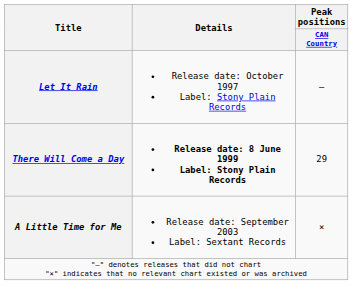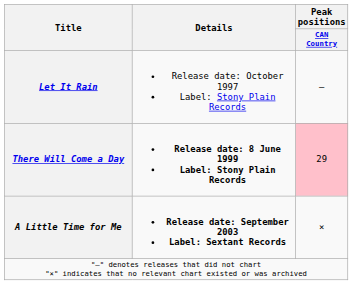 <table class="wikitable plainrowheaders" style="text-align:center;">
 <tr>
 <th rowspan="2" style="width:14em;">Title</th>
 <th rowspan="2" style="width:18em;">Details</th>
 <th>Peak positions</th>
 </tr>
 <tr style="font-size:smaller;">
 <th width="65"><a href='#'>CAN Country</a><br></th>
 </tr>
 <tr>
 <th scope="row"><em><a href='#'>Let It Rain</a></em></th>
 <td><br><ul><li>Release date: October 1997</li><li>Label: <a href='#'>Stony Plain Records</a></li></ul></td>
 <td>—</td>
 </tr>
 <tr>
 <th scope="row"><em><a href='#'>There Will Come a Day</a></em></th>
 <td><strong><br><ul><li>Release date: 8 June 1999</li><li>Label: Stony Plain Records</li></ul></strong></td>
-<td>29</td>
+<td style="background: pink;">29</td>
 </tr>
 <tr>
 <th scope="row"><em>A Little Time for Me</em></th>
-<td><br><ul><li>Release date: September 2003</li><li>Label: Sextant Records</li></ul></td>
+<td><strong><br><ul><li>Release date: September 2003</li><li>Label: Sextant Records</li></ul></strong></td>
 <td>×</td>
 </tr>
 <tr>
 <td colspan="5" style="font-size:8pt">"—" denotes releases that did not chart<br>"×" indicates that no relevant chart existed or was archived</td>
 </tr>
 </table>
